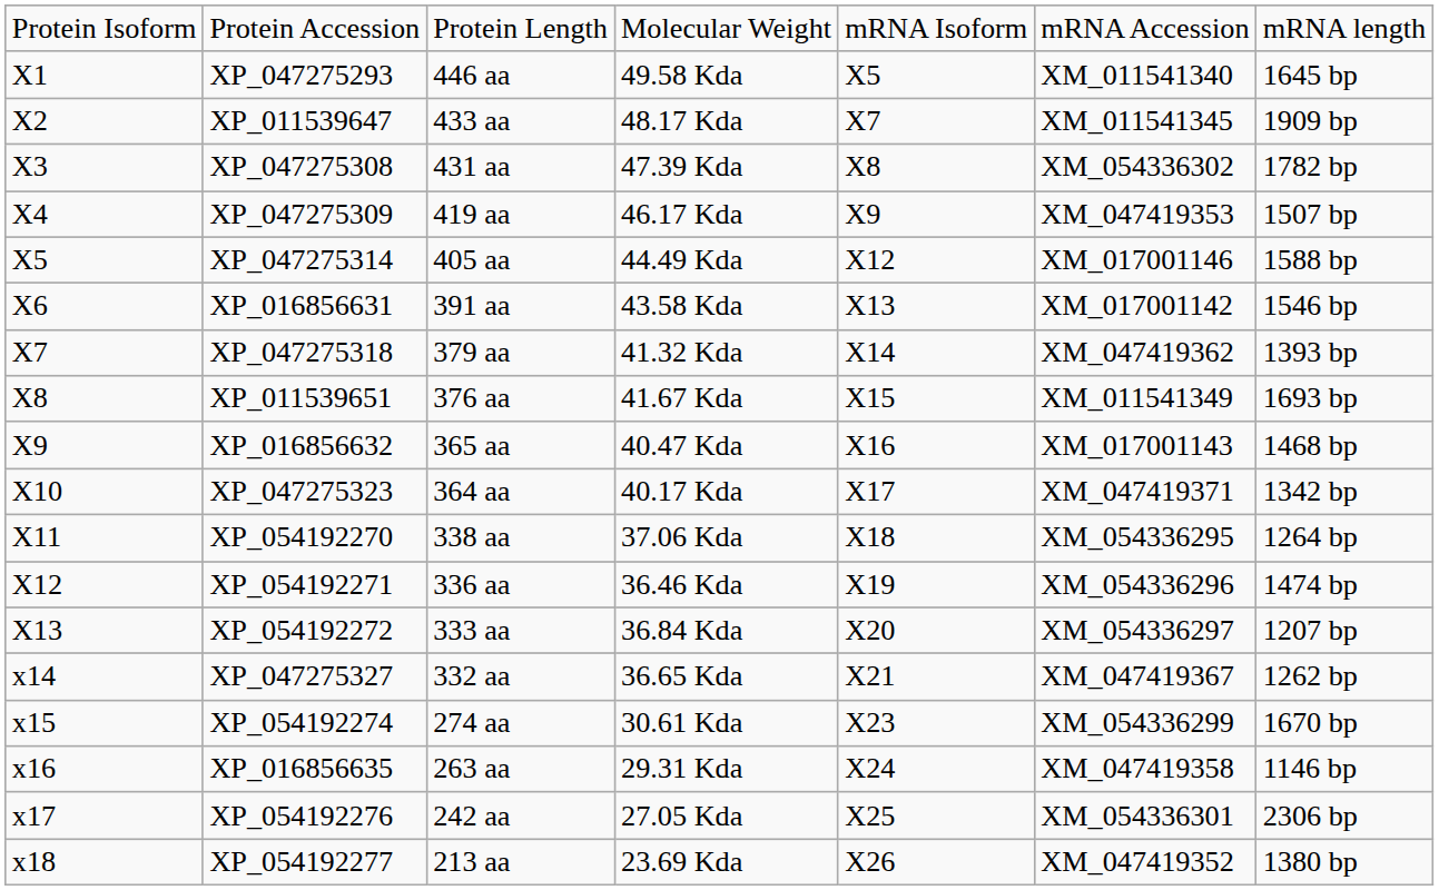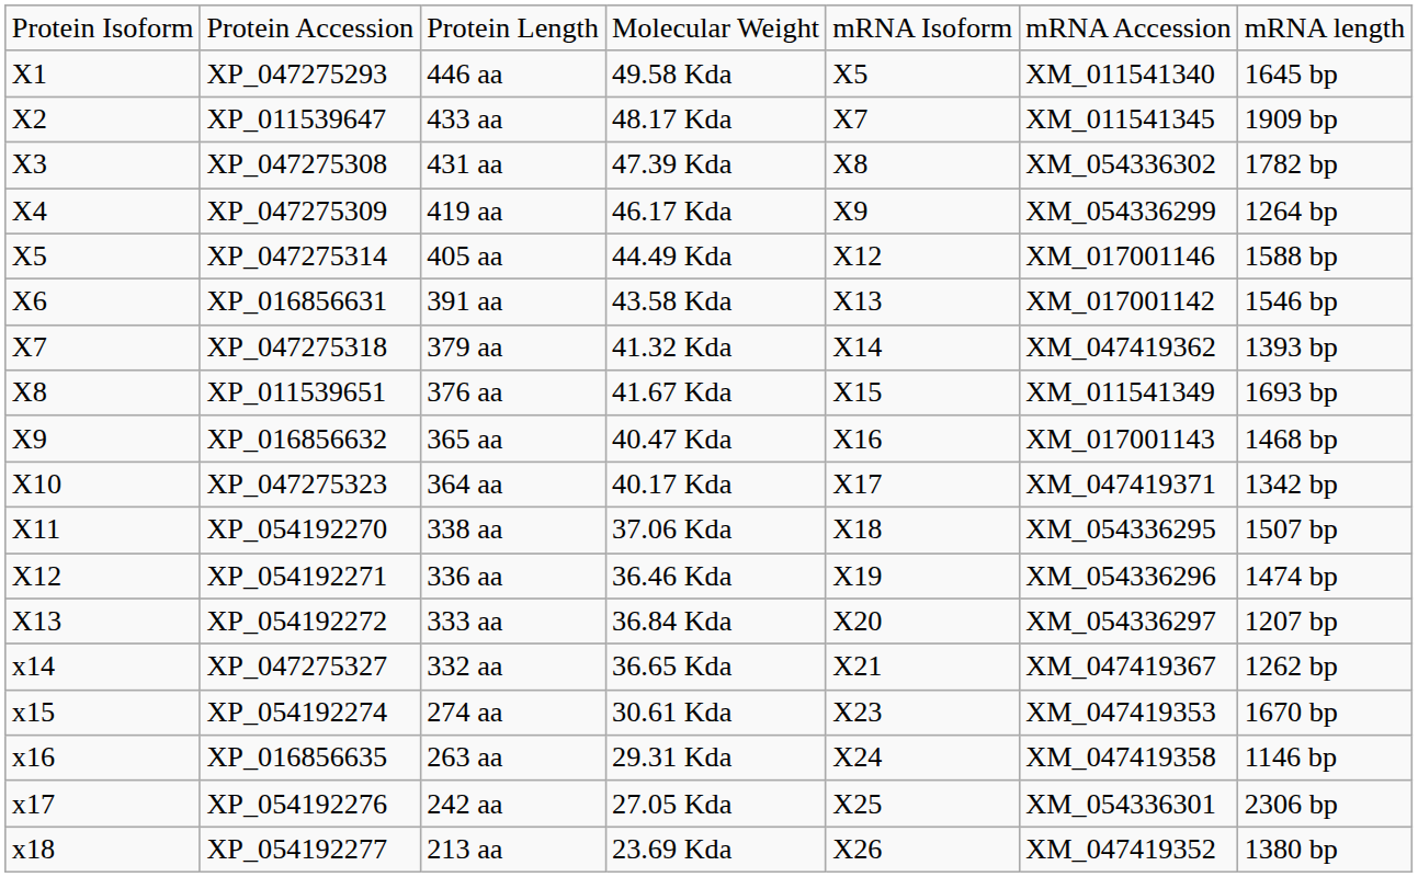 <table class="wikitable">
 <tr>
 <td>Protein Isoform</td>
 <td>Protein Accession</td>
 <td>Protein Length</td>
 <td>Molecular Weight</td>
 <td>mRNA Isoform</td>
 <td>mRNA Accession</td>
 <td>mRNA length</td>
 </tr>
 <tr>
 <td>X1</td>
 <td>XP_047275293</td>
 <td>446 aa</td>
 <td>49.58 Kda</td>
 <td>X5</td>
 <td>XM_011541340</td>
 <td>1645 bp</td>
 </tr>
 <tr>
 <td>X2</td>
 <td>XP_011539647</td>
 <td>433 aa</td>
 <td>48.17 Kda</td>
 <td>X7</td>
 <td>XM_011541345</td>
 <td>1909 bp</td>
 </tr>
 <tr>
 <td>X3</td>
 <td>XP_047275308</td>
 <td>431 aa</td>
 <td>47.39 Kda</td>
 <td>X8</td>
 <td>XM_054336302</td>
 <td>1782 bp</td>
 </tr>
 <tr>
 <td>X4</td>
 <td>XP_047275309</td>
 <td>419 aa</td>
 <td>46.17 Kda</td>
 <td>X9</td>
-<td>XM_047419353</td>
-<td>1507 bp</td>
+<td>XM_054336299</td>
+<td>1264 bp</td>
 </tr>
 <tr>
 <td>X5</td>
 <td>XP_047275314</td>
 <td>405 aa</td>
 <td>44.49 Kda</td>
 <td>X12</td>
 <td>XM_017001146</td>
 <td>1588 bp</td>
 </tr>
 <tr>
 <td>X6</td>
 <td>XP_016856631</td>
 <td>391 aa</td>
 <td>43.58 Kda</td>
 <td>X13</td>
 <td>XM_017001142</td>
 <td>1546 bp</td>
 </tr>
 <tr>
 <td>X7</td>
 <td>XP_047275318</td>
 <td>379 aa</td>
 <td>41.32 Kda</td>
 <td>X14</td>
 <td>XM_047419362</td>
 <td>1393 bp</td>
 </tr>
 <tr>
 <td>X8</td>
 <td>XP_011539651</td>
 <td>376 aa</td>
 <td>41.67 Kda</td>
 <td>X15</td>
 <td>XM_011541349</td>
 <td>1693 bp</td>
 </tr>
 <tr>
 <td>X9</td>
 <td>XP_016856632</td>
 <td>365 aa</td>
 <td>40.47 Kda</td>
 <td>X16</td>
 <td>XM_017001143</td>
 <td>1468 bp</td>
 </tr>
 <tr>
 <td>X10</td>
 <td>XP_047275323</td>
 <td>364 aa</td>
 <td>40.17 Kda</td>
 <td>X17</td>
 <td>XM_047419371</td>
 <td>1342 bp</td>
 </tr>
 <tr>
 <td>X11</td>
 <td>XP_054192270</td>
 <td>338 aa</td>
 <td>37.06 Kda</td>
 <td>X18</td>
 <td>XM_054336295</td>
-<td>1264 bp</td>
+<td>1507 bp</td>
 </tr>
 <tr>
 <td>X12</td>
 <td>XP_054192271</td>
 <td>336 aa</td>
 <td>36.46 Kda</td>
 <td>X19</td>
 <td>XM_054336296</td>
 <td>1474 bp</td>
 </tr>
 <tr>
 <td>X13</td>
 <td>XP_054192272</td>
 <td>333 aa</td>
 <td>36.84 Kda</td>
 <td>X20</td>
 <td>XM_054336297</td>
 <td>1207 bp</td>
 </tr>
 <tr>
 <td>x14</td>
 <td>XP_047275327</td>
 <td>332 aa</td>
 <td>36.65 Kda</td>
 <td>X21</td>
 <td>XM_047419367</td>
 <td>1262 bp</td>
 </tr>
 <tr>
 <td>x15</td>
 <td>XP_054192274</td>
 <td>274 aa</td>
 <td>30.61 Kda</td>
 <td>X23</td>
-<td>XM_054336299</td>
+<td>XM_047419353</td>
 <td>1670 bp</td>
 </tr>
 <tr>
 <td>x16</td>
 <td>XP_016856635</td>
 <td>263 aa</td>
 <td>29.31 Kda</td>
 <td>X24</td>
 <td>XM_047419358</td>
 <td>1146 bp</td>
 </tr>
 <tr>
 <td>x17</td>
 <td>XP_054192276</td>
 <td>242 aa</td>
 <td>27.05 Kda</td>
 <td>X25</td>
 <td>XM_054336301</td>
 <td>2306 bp</td>
 </tr>
 <tr>
 <td>x18</td>
 <td>XP_054192277</td>
 <td>213 aa</td>
 <td>23.69 Kda</td>
 <td>X26</td>
 <td>XM_047419352</td>
 <td>1380 bp</td>
 </tr>
 </table>
